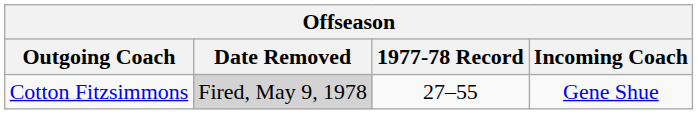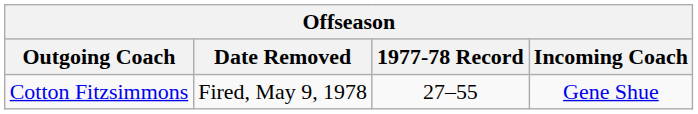 <table class="wikitable" border="1" style="text-align: center">
 <tr>
 <th colspan="4">Offseason</th>
 </tr>
 <tr>
 <th>Outgoing Coach</th>
 <th>Date Removed</th>
 <th>1977-78 Record</th>
 <th>Incoming Coach</th>
 </tr>
 <tr>
 <td><a href='#'>Cotton Fitzsimmons</a></td>
-<td style="background: lightgrey;">Fired, May 9, 1978</td>
+<td>Fired, May 9, 1978</td>
 <td>27–55</td>
 <td><a href='#'>Gene Shue</a></td>
 </tr>
 </table>
